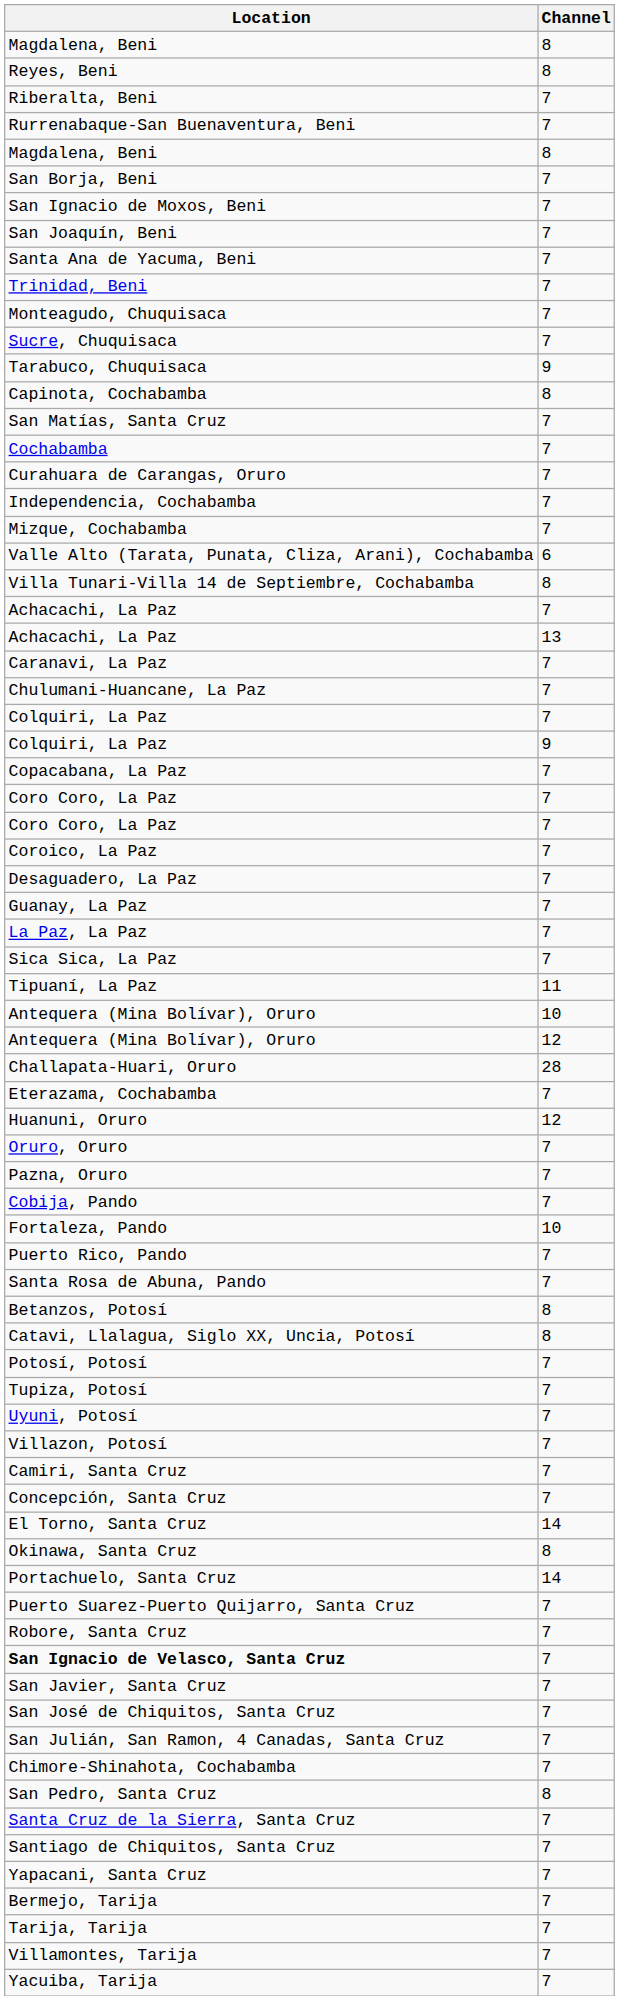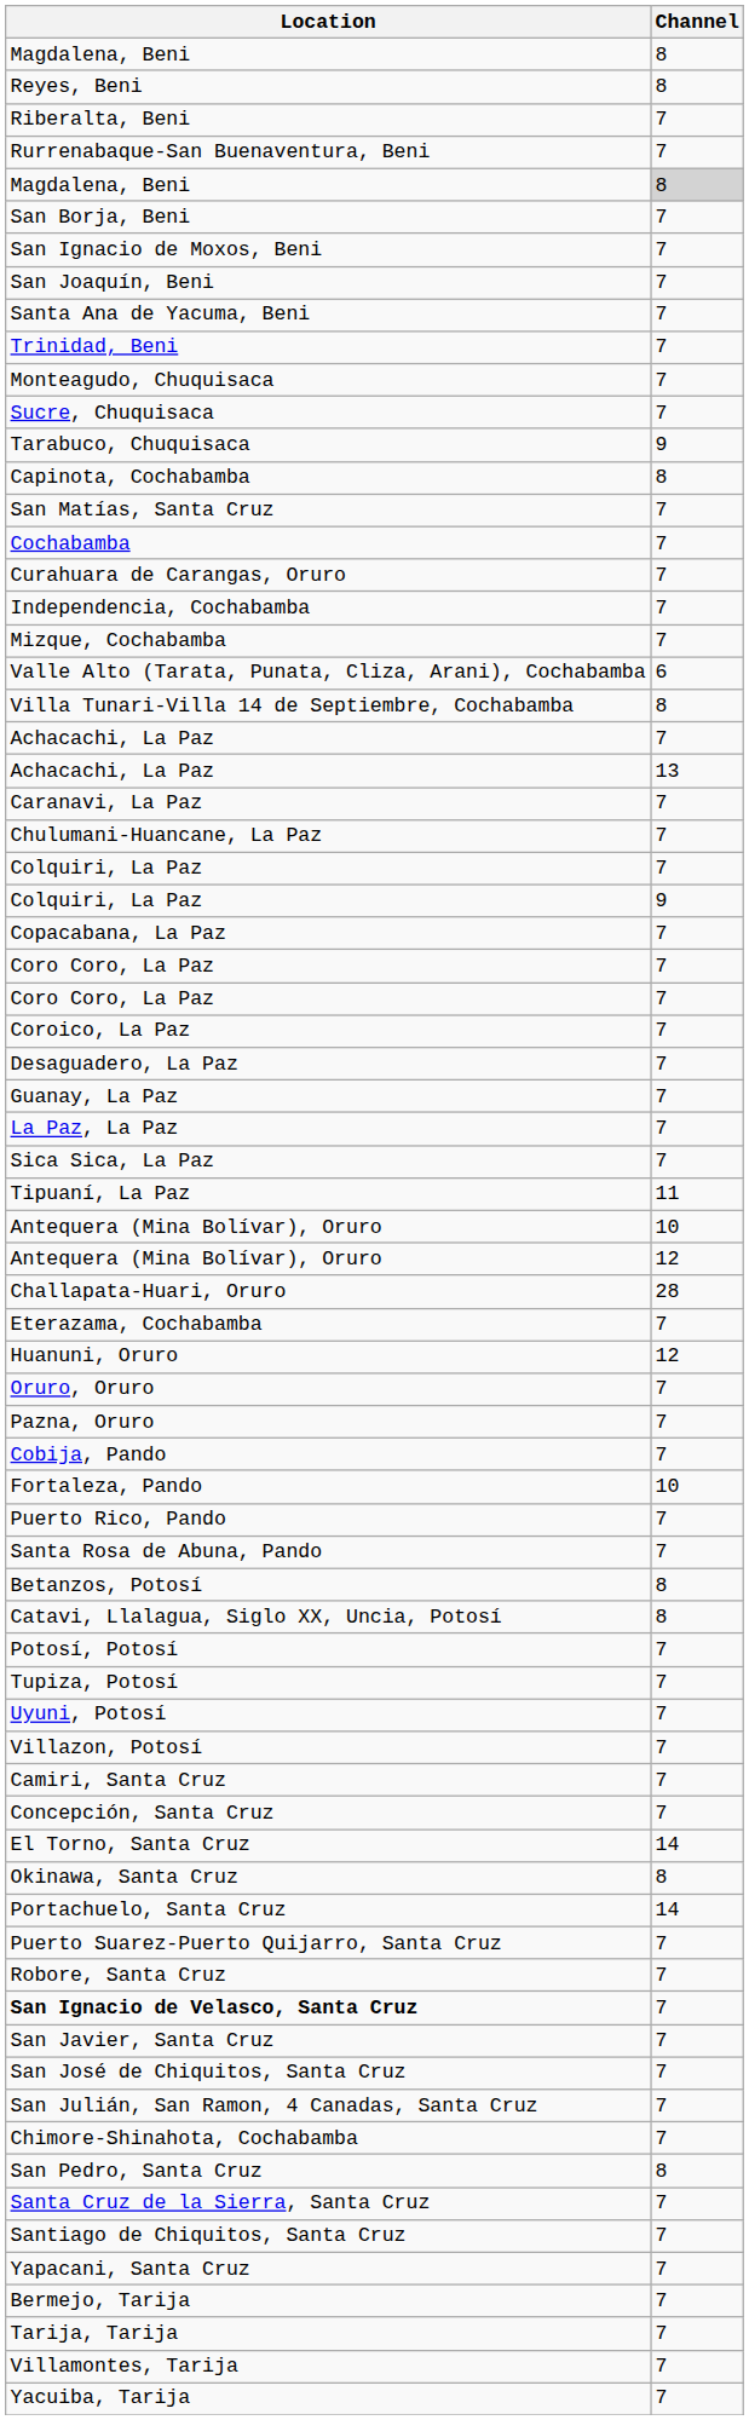 <table class="wikitable sortable">
 <tr>
 <th>Location</th>
 <th>Channel</th>
 </tr>
 <tr>
 <td>Magdalena, Beni</td>
 <td>8</td>
 </tr>
 <tr>
 <td>Reyes, Beni</td>
 <td>8</td>
 </tr>
 <tr>
 <td>Riberalta, Beni</td>
 <td>7</td>
 </tr>
 <tr>
 <td>Rurrenabaque-San Buenaventura, Beni</td>
 <td>7</td>
 </tr>
 <tr>
 <td>Magdalena, Beni</td>
-<td>8</td>
+<td style="background: lightgrey;">8</td>
 </tr>
 <tr>
 <td>San Borja, Beni</td>
 <td>7</td>
 </tr>
 <tr>
 <td>San Ignacio de Moxos, Beni</td>
 <td>7</td>
 </tr>
 <tr>
 <td>San Joaquín, Beni</td>
 <td>7</td>
 </tr>
 <tr>
 <td>Santa Ana de Yacuma, Beni</td>
 <td>7</td>
 </tr>
 <tr>
 <td><a href='#'>Trinidad, Beni</a></td>
 <td>7</td>
 </tr>
 <tr>
 <td>Monteagudo, Chuquisaca</td>
 <td>7</td>
 </tr>
 <tr>
 <td><a href='#'>Sucre</a>, Chuquisaca</td>
 <td>7</td>
 </tr>
 <tr>
 <td>Tarabuco, Chuquisaca</td>
 <td>9</td>
 </tr>
 <tr>
 <td>Capinota, Cochabamba</td>
 <td>8</td>
 </tr>
 <tr>
 <td>San Matías, Santa Cruz</td>
 <td>7</td>
 </tr>
 <tr>
 <td><a href='#'>Cochabamba</a></td>
 <td>7</td>
 </tr>
 <tr>
 <td>Curahuara de Carangas, Oruro</td>
 <td>7</td>
 </tr>
 <tr>
 <td>Independencia, Cochabamba</td>
 <td>7</td>
 </tr>
 <tr>
 <td>Mizque, Cochabamba</td>
 <td>7</td>
 </tr>
 <tr>
 <td>Valle Alto (Tarata, Punata, Cliza, Arani), Cochabamba</td>
 <td>6</td>
 </tr>
 <tr>
 <td>Villa Tunari-Villa 14 de Septiembre, Cochabamba</td>
 <td>8</td>
 </tr>
 <tr>
 <td>Achacachi, La Paz</td>
 <td>7</td>
 </tr>
 <tr>
 <td>Achacachi, La Paz</td>
 <td>13</td>
 </tr>
 <tr>
 <td>Caranavi, La Paz</td>
 <td>7</td>
 </tr>
 <tr>
 <td>Chulumani-Huancane, La Paz</td>
 <td>7</td>
 </tr>
 <tr>
 <td>Colquiri, La Paz</td>
 <td>7</td>
 </tr>
 <tr>
 <td>Colquiri, La Paz</td>
 <td>9</td>
 </tr>
 <tr>
 <td>Copacabana, La Paz</td>
 <td>7</td>
 </tr>
 <tr>
 <td>Coro Coro, La Paz</td>
 <td>7</td>
 </tr>
 <tr>
 <td>Coro Coro, La Paz</td>
 <td>7</td>
 </tr>
 <tr>
 <td>Coroico, La Paz</td>
 <td>7</td>
 </tr>
 <tr>
 <td>Desaguadero, La Paz</td>
 <td>7</td>
 </tr>
 <tr>
 <td>Guanay, La Paz</td>
 <td>7</td>
 </tr>
 <tr>
 <td><a href='#'>La Paz</a>, La Paz</td>
 <td>7</td>
 </tr>
 <tr>
 <td>Sica Sica, La Paz</td>
 <td>7</td>
 </tr>
 <tr>
 <td>Tipuaní, La Paz</td>
 <td>11</td>
 </tr>
 <tr>
 <td>Antequera (Mina Bolívar), Oruro</td>
 <td>10</td>
 </tr>
 <tr>
 <td>Antequera (Mina Bolívar), Oruro</td>
 <td>12</td>
 </tr>
 <tr>
 <td>Challapata-Huari, Oruro</td>
 <td>28</td>
 </tr>
 <tr>
 <td>Eterazama, Cochabamba</td>
 <td>7</td>
 </tr>
 <tr>
 <td>Huanuni, Oruro</td>
 <td>12</td>
 </tr>
 <tr>
 <td><a href='#'>Oruro</a>, Oruro</td>
 <td>7</td>
 </tr>
 <tr>
 <td>Pazna, Oruro</td>
 <td>7</td>
 </tr>
 <tr>
 <td><a href='#'>Cobija</a>, Pando</td>
 <td>7</td>
 </tr>
 <tr>
 <td>Fortaleza, Pando</td>
 <td>10</td>
 </tr>
 <tr>
 <td>Puerto Rico, Pando</td>
 <td>7</td>
 </tr>
 <tr>
 <td>Santa Rosa de Abuna, Pando</td>
 <td>7</td>
 </tr>
 <tr>
 <td>Betanzos, Potosí</td>
 <td>8</td>
 </tr>
 <tr>
 <td>Catavi, Llalagua, Siglo XX, Uncia, Potosí</td>
 <td>8</td>
 </tr>
 <tr>
 <td>Potosí, Potosí</td>
 <td>7</td>
 </tr>
 <tr>
 <td>Tupiza, Potosí</td>
 <td>7</td>
 </tr>
 <tr>
 <td><a href='#'>Uyuni</a>, Potosí</td>
 <td>7</td>
 </tr>
 <tr>
 <td>Villazon, Potosí</td>
 <td>7</td>
 </tr>
 <tr>
 <td>Camiri, Santa Cruz</td>
 <td>7</td>
 </tr>
 <tr>
 <td>Concepción, Santa Cruz</td>
 <td>7</td>
 </tr>
 <tr>
 <td>El Torno, Santa Cruz</td>
 <td>14</td>
 </tr>
 <tr>
 <td>Okinawa, Santa Cruz</td>
 <td>8</td>
 </tr>
 <tr>
 <td>Portachuelo, Santa Cruz</td>
 <td>14</td>
 </tr>
 <tr>
 <td>Puerto Suarez-Puerto Quijarro, Santa Cruz</td>
 <td>7</td>
 </tr>
 <tr>
 <td>Robore, Santa Cruz</td>
 <td>7</td>
 </tr>
 <tr>
 <td><strong>San Ignacio de Velasco, Santa Cruz</strong></td>
 <td>7</td>
 </tr>
 <tr>
 <td>San Javier, Santa Cruz</td>
 <td>7</td>
 </tr>
 <tr>
 <td>San José de Chiquitos, Santa Cruz</td>
 <td>7</td>
 </tr>
 <tr>
 <td>San Julián, San Ramon, 4 Canadas, Santa Cruz</td>
 <td>7</td>
 </tr>
 <tr>
 <td>Chimore-Shinahota, Cochabamba</td>
 <td>7</td>
 </tr>
 <tr>
 <td>San Pedro, Santa Cruz</td>
 <td>8</td>
 </tr>
 <tr>
 <td><a href='#'>Santa Cruz de la Sierra</a>, Santa Cruz</td>
 <td>7</td>
 </tr>
 <tr>
 <td>Santiago de Chiquitos, Santa Cruz</td>
 <td>7</td>
 </tr>
 <tr>
 <td>Yapacani, Santa Cruz</td>
 <td>7</td>
 </tr>
 <tr>
 <td>Bermejo, Tarija</td>
 <td>7</td>
 </tr>
 <tr>
 <td>Tarija, Tarija</td>
 <td>7</td>
 </tr>
 <tr>
 <td>Villamontes, Tarija</td>
 <td>7</td>
 </tr>
 <tr>
 <td>Yacuiba, Tarija</td>
 <td>7</td>
 </tr>
 </table>
